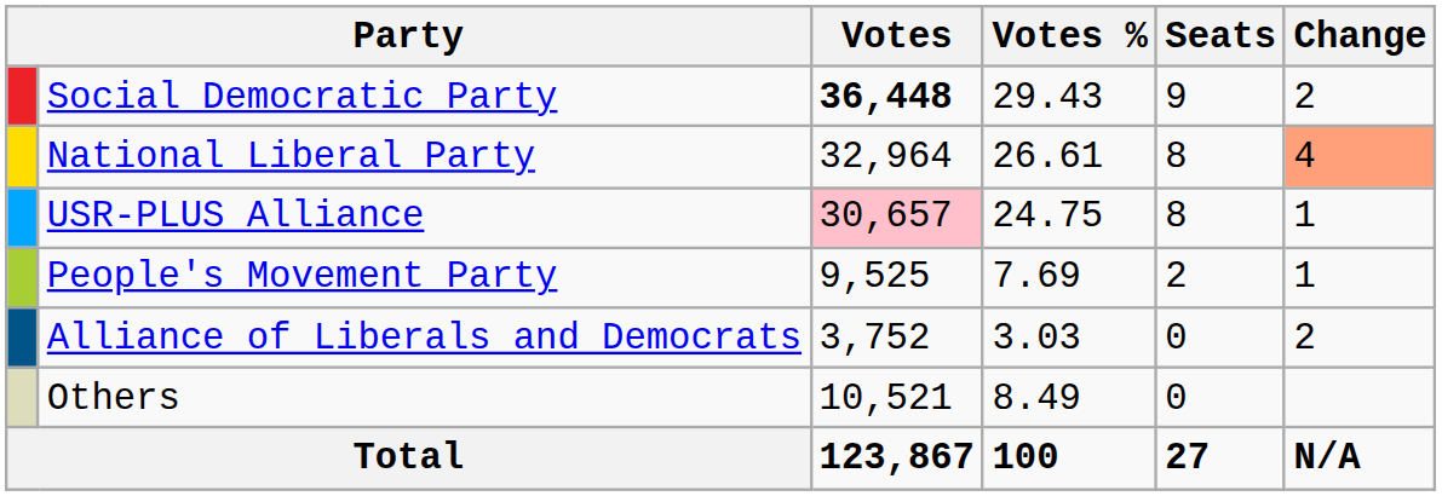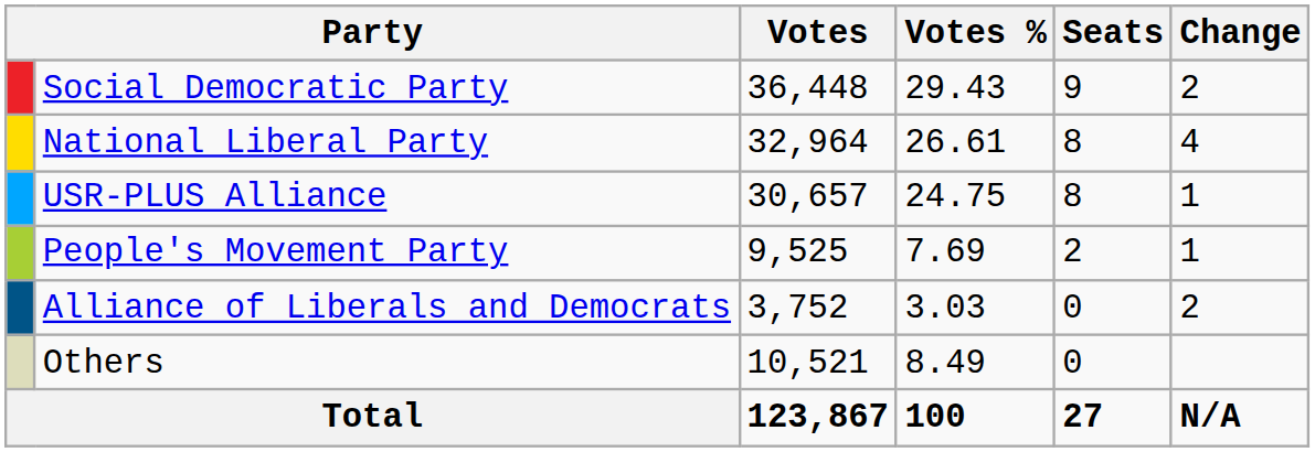 <table class="wikitable">
 <tr>
 <th colspan="2">Party</th>
 <th>Votes</th>
 <th>Votes %</th>
 <th>Seats</th>
 <th>Change</th>
 </tr>
 <tr>
 <td style="background:#ed2128;" width="5"></td>
 <td><a href='#'>Social Democratic Party</a></td>
-<td><strong>36,448</strong></td>
+<td>36,448</td>
 <td>29.43</td>
 <td>9</td>
 <td>2</td>
 </tr>
 <tr>
 <td style="background:#ffdd00;" width="5"></td>
 <td><a href='#'>National Liberal Party</a></td>
 <td>32,964</td>
 <td>26.61</td>
 <td>8</td>
-<td style="background: lightsalmon;">4</td>
+<td>4</td>
 </tr>
 <tr>
 <td style="background:#00a6ff;" width="5"></td>
 <td><a href='#'>USR-PLUS Alliance</a></td>
-<td style="background: pink;">30,657</td>
+<td>30,657</td>
 <td>24.75</td>
 <td>8</td>
 <td>1</td>
 </tr>
 <tr>
 <td style="background:#a7cf35;" width="5"></td>
 <td><a href='#'>People's Movement Party</a></td>
 <td>9,525</td>
 <td>7.69</td>
 <td>2</td>
 <td>1</td>
 </tr>
 <tr>
 <td style="background:#005487;" width="5"></td>
 <td><a href='#'>Alliance of Liberals and Democrats</a></td>
 <td>3,752</td>
 <td>3.03</td>
 <td>0</td>
 <td>2</td>
 </tr>
 <tr>
 <td style="background:#ddddbb;" width="5"></td>
 <td>Others</td>
 <td>10,521</td>
 <td>8.49</td>
 <td>0</td>
 <td></td>
 </tr>
 <tr>
 <th colspan="2">Total</th>
 <td><strong>123,867</strong></td>
 <td><strong>100</strong></td>
 <td><strong>27</strong></td>
 <td><strong>N/A</strong></td>
 </tr>
 </table>
